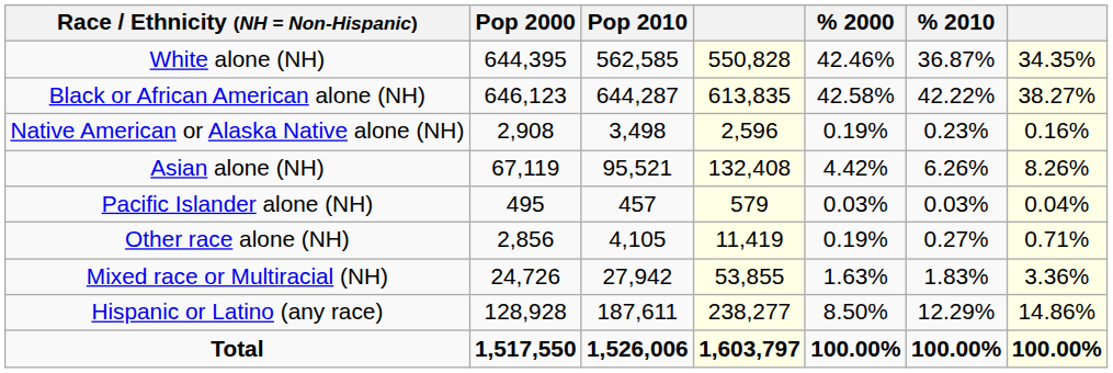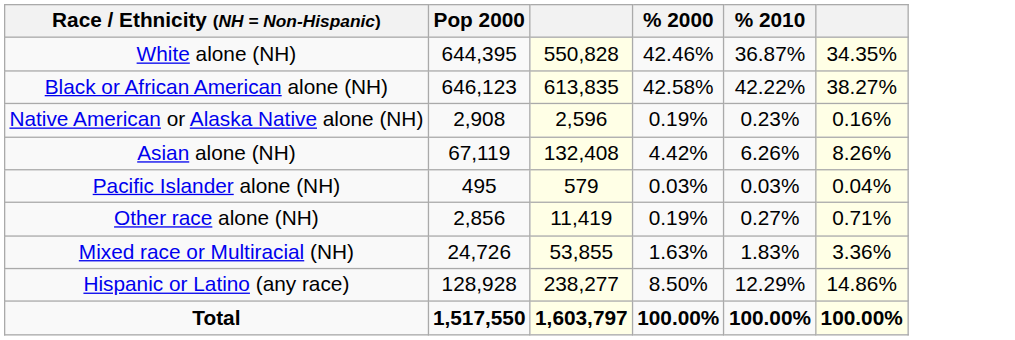 <table class="wikitable" style="text-align:center;">
 <tr>
 <th>Race / Ethnicity <small>(<em>NH = Non-Hispanic</em>)</small></th>
 <th>Pop 2000</th>
-<th>Pop 2010</th>
 <th></th>
 <th>% 2000</th>
 <th>% 2010</th>
 <th></th>
 </tr>
 <tr>
 <td><a href='#'>White</a> alone (NH)</td>
 <td>644,395</td>
-<td>562,585</td>
 <td style='background: #ffffe6;'>550,828</td>
 <td>42.46%</td>
 <td>36.87%</td>
 <td style='background: #ffffe6;'>34.35%</td>
 </tr>
 <tr>
 <td><a href='#'>Black or African American</a> alone (NH)</td>
 <td>646,123</td>
-<td>644,287</td>
 <td style='background: #ffffe6;'>613,835</td>
 <td>42.58%</td>
 <td>42.22%</td>
 <td style='background: #ffffe6;'>38.27%</td>
 </tr>
 <tr>
 <td><a href='#'>Native American</a> or <a href='#'>Alaska Native</a> alone (NH)</td>
 <td>2,908</td>
-<td>3,498</td>
 <td style='background: #ffffe6;'>2,596</td>
 <td>0.19%</td>
 <td>0.23%</td>
 <td style='background: #ffffe6;'>0.16%</td>
 </tr>
 <tr>
 <td><a href='#'>Asian</a> alone (NH)</td>
 <td>67,119</td>
-<td>95,521</td>
 <td style='background: #ffffe6;'>132,408</td>
 <td>4.42%</td>
 <td>6.26%</td>
 <td style='background: #ffffe6;'>8.26%</td>
 </tr>
 <tr>
 <td><a href='#'>Pacific Islander</a> alone (NH)</td>
 <td>495</td>
-<td>457</td>
 <td style='background: #ffffe6;'>579</td>
 <td>0.03%</td>
 <td>0.03%</td>
 <td style='background: #ffffe6;'>0.04%</td>
 </tr>
 <tr>
 <td><a href='#'>Other race</a> alone (NH)</td>
 <td>2,856</td>
-<td>4,105</td>
 <td style='background: #ffffe6;'>11,419</td>
 <td>0.19%</td>
 <td>0.27%</td>
 <td style='background: #ffffe6;'>0.71%</td>
 </tr>
 <tr>
 <td><a href='#'>Mixed race or Multiracial</a> (NH)</td>
 <td>24,726</td>
-<td>27,942</td>
 <td style='background: #ffffe6;'>53,855</td>
 <td>1.63%</td>
 <td>1.83%</td>
 <td style='background: #ffffe6;'>3.36%</td>
 </tr>
 <tr>
 <td><a href='#'>Hispanic or Latino</a> (any race)</td>
 <td>128,928</td>
-<td>187,611</td>
 <td style='background: #ffffe6;'>238,277</td>
 <td>8.50%</td>
 <td>12.29%</td>
 <td style='background: #ffffe6;'>14.86%</td>
 </tr>
 <tr>
 <td><strong>Total</strong></td>
 <td><strong>1,517,550</strong></td>
-<td><strong>1,526,006</strong></td>
 <td style='background: #ffffe6;'><strong>1,603,797</strong></td>
 <td><strong>100.00%</strong></td>
 <td><strong>100.00%</strong></td>
 <td style='background: #ffffe6;'><strong>100.00%</strong></td>
 </tr>
 </table>
